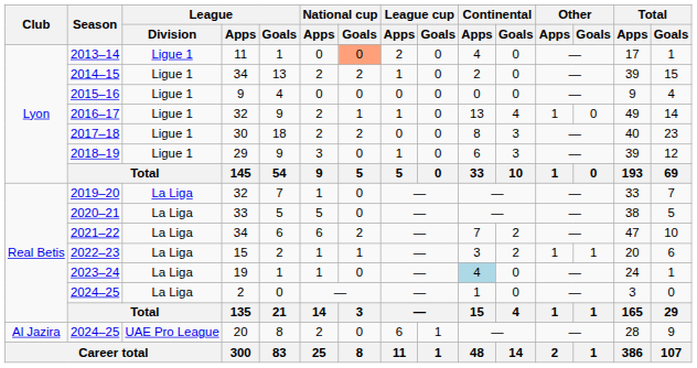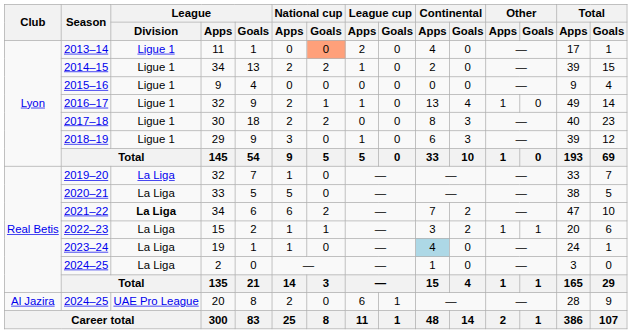 <table class="wikitable" style="text-align:center">
 <tr>
 <th rowspan="2">Club</th>
 <th rowspan="2">Season</th>
 <th colspan="3">League</th>
 <th colspan="2">National cup</th>
 <th colspan="2">League cup</th>
 <th colspan="2">Continental</th>
 <th colspan="2">Other</th>
 <th colspan="2">Total</th>
 </tr>
 <tr>
 <th>Division</th>
 <th>Apps</th>
 <th>Goals</th>
 <th>Apps</th>
 <th>Goals</th>
 <th>Apps</th>
 <th>Goals</th>
 <th>Apps</th>
 <th>Goals</th>
 <th>Apps</th>
 <th>Goals</th>
 <th>Apps</th>
 <th>Goals</th>
 </tr>
 <tr>
 <td rowspan="7"><a href='#'>Lyon</a></td>
 <td><a href='#'>2013–14</a></td>
 <td><a href='#'>Ligue 1</a></td>
 <td>11</td>
 <td>1</td>
 <td>0</td>
 <td style="background: lightsalmon;">0</td>
 <td>2</td>
 <td>0</td>
 <td>4</td>
 <td>0</td>
 <td colspan="2">—</td>
 <td>17</td>
 <td>1</td>
 </tr>
 <tr>
 <td><a href='#'>2014–15</a></td>
 <td>Ligue 1</td>
 <td>34</td>
 <td>13</td>
 <td>2</td>
 <td>2</td>
 <td>1</td>
 <td>0</td>
 <td>2</td>
 <td>0</td>
 <td colspan="2">—</td>
 <td>39</td>
 <td>15</td>
 </tr>
 <tr>
 <td><a href='#'>2015–16</a></td>
 <td>Ligue 1</td>
 <td>9</td>
 <td>4</td>
 <td>0</td>
 <td>0</td>
 <td>0</td>
 <td>0</td>
 <td>0</td>
 <td>0</td>
 <td colspan="2">—</td>
 <td>9</td>
 <td>4</td>
 </tr>
 <tr>
 <td><a href='#'>2016–17</a></td>
 <td>Ligue 1</td>
 <td>32</td>
 <td>9</td>
 <td>2</td>
 <td>1</td>
 <td>1</td>
 <td>0</td>
 <td>13</td>
 <td>4</td>
 <td>1</td>
 <td>0</td>
 <td>49</td>
 <td>14</td>
 </tr>
 <tr>
 <td><a href='#'>2017–18</a></td>
 <td>Ligue 1</td>
 <td>30</td>
 <td>18</td>
 <td>2</td>
 <td>2</td>
 <td>0</td>
 <td>0</td>
 <td>8</td>
 <td>3</td>
 <td colspan="2">—</td>
 <td>40</td>
 <td>23</td>
 </tr>
 <tr>
 <td><a href='#'>2018–19</a></td>
 <td>Ligue 1</td>
 <td>29</td>
 <td>9</td>
 <td>3</td>
 <td>0</td>
 <td>1</td>
 <td>0</td>
 <td>6</td>
 <td>3</td>
 <td colspan="2">—</td>
 <td>39</td>
 <td>12</td>
 </tr>
 <tr>
 <th colspan="2">Total</th>
 <th>145</th>
 <th>54</th>
 <th>9</th>
 <th>5</th>
 <th>5</th>
 <th>0</th>
 <th>33</th>
 <th>10</th>
 <th>1</th>
 <th>0</th>
 <th>193</th>
 <th>69</th>
 </tr>
 <tr>
 <td rowspan="7"><a href='#'>Real Betis</a></td>
 <td><a href='#'>2019–20</a></td>
 <td><a href='#'>La Liga</a></td>
 <td>32</td>
 <td>7</td>
 <td>1</td>
 <td>0</td>
 <td colspan="2">—</td>
 <td colspan="2">—</td>
 <td colspan="2">—</td>
 <td>33</td>
 <td>7</td>
 </tr>
 <tr>
 <td><a href='#'>2020–21</a></td>
 <td>La Liga</td>
 <td>33</td>
 <td>5</td>
 <td>5</td>
 <td>0</td>
 <td colspan="2">—</td>
 <td colspan="2">—</td>
 <td colspan="2">—</td>
 <td>38</td>
 <td>5</td>
 </tr>
 <tr>
 <td><a href='#'>2021–22</a></td>
-<td>La Liga</td>
+<td><strong>La Liga</strong></td>
 <td>34</td>
 <td>6</td>
 <td>6</td>
 <td>2</td>
 <td colspan="2">—</td>
 <td>7</td>
 <td>2</td>
 <td colspan="2">—</td>
 <td>47</td>
 <td>10</td>
 </tr>
 <tr>
 <td><a href='#'>2022–23</a></td>
 <td>La Liga</td>
 <td>15</td>
 <td>2</td>
 <td>1</td>
 <td>1</td>
 <td colspan="2">—</td>
 <td>3</td>
 <td>2</td>
 <td>1</td>
 <td>1</td>
 <td>20</td>
 <td>6</td>
 </tr>
 <tr>
 <td><a href='#'>2023–24</a></td>
 <td>La Liga</td>
 <td>19</td>
 <td>1</td>
 <td>1</td>
 <td>0</td>
 <td colspan="2">—</td>
 <td style="background: lightblue;">4</td>
 <td>0</td>
 <td colspan="2">—</td>
 <td>24</td>
 <td>1</td>
 </tr>
 <tr>
 <td><a href='#'>2024–25</a></td>
 <td>La Liga</td>
 <td>2</td>
 <td>0</td>
 <td colspan="2">—</td>
 <td colspan="2">—</td>
 <td>1</td>
 <td>0</td>
 <td colspan="2">—</td>
 <td>3</td>
 <td>0</td>
 </tr>
 <tr>
 <th colspan="2">Total</th>
 <th>135</th>
 <th>21</th>
 <th>14</th>
 <th>3</th>
 <th colspan="2">—</th>
 <th>15</th>
 <th>4</th>
 <th>1</th>
 <th>1</th>
 <th>165</th>
 <th>29</th>
 </tr>
 <tr>
 <td><a href='#'>Al Jazira</a></td>
 <td><a href='#'>2024–25</a></td>
 <td><a href='#'>UAE Pro League</a></td>
 <td>20</td>
 <td>8</td>
 <td>2</td>
 <td>0</td>
 <td>6</td>
 <td>1</td>
 <td colspan="2">—</td>
 <td colspan="2">—</td>
 <td>28</td>
 <td>9</td>
 </tr>
 <tr>
 <th colspan="3">Career total</th>
 <th>300</th>
 <th>83</th>
 <th>25</th>
 <th>8</th>
 <th>11</th>
 <th>1</th>
 <th>48</th>
 <th>14</th>
 <th>2</th>
 <th>1</th>
 <th>386</th>
 <th>107</th>
 </tr>
 </table>
